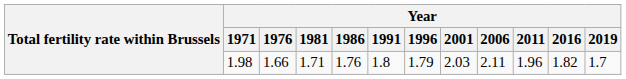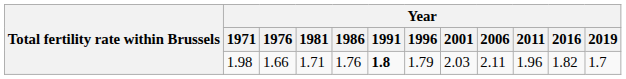 <table class="wikitable">
 <tr>
 <th rowspan="3">Total fertility rate within Brussels</th>
 <th colspan="11">Year</th>
 </tr>
 <tr>
 <th>1971</th>
 <th>1976</th>
 <th>1981</th>
 <th>1986</th>
 <th>1991</th>
 <th>1996</th>
 <th>2001</th>
 <th>2006</th>
 <th>2011</th>
 <th>2016</th>
 <th>2019</th>
 </tr>
 <tr>
 <td>1.98</td>
 <td>1.66</td>
 <td>1.71</td>
 <td>1.76</td>
-<td>1.8</td>
+<td><strong>1.8</strong></td>
 <td>1.79</td>
 <td>2.03</td>
 <td>2.11</td>
 <td>1.96</td>
 <td>1.82</td>
 <td>1.7</td>
 </tr>
 </table>
